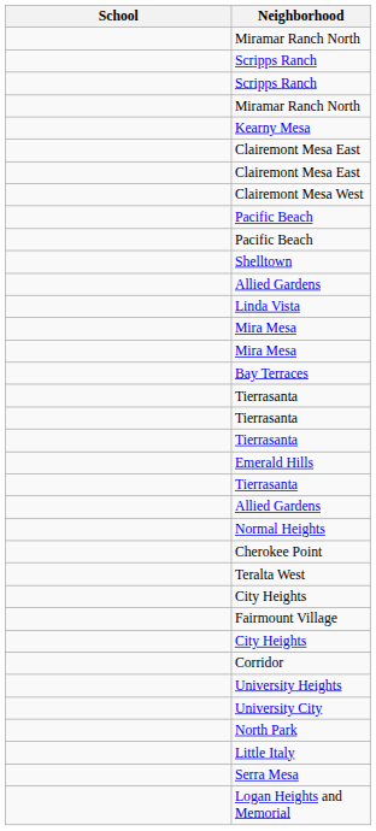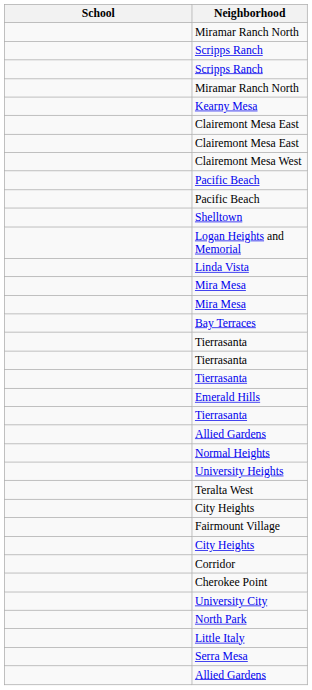 <table class="wikitable">
 <tr>
 <th width="250">School</th>
 <th width="150">Neighborhood</th>
 </tr>
 <tr>
 <td></td>
 <td>Miramar Ranch North</td>
 </tr>
 <tr>
 <td></td>
 <td><a href='#'>Scripps Ranch</a></td>
 </tr>
 <tr>
 <td></td>
 <td><a href='#'>Scripps Ranch</a></td>
 </tr>
 <tr>
 <td></td>
 <td>Miramar Ranch North</td>
 </tr>
 <tr>
 <td></td>
 <td><a href='#'>Kearny Mesa</a></td>
 </tr>
 <tr>
 <td></td>
 <td>Clairemont Mesa East</td>
 </tr>
 <tr>
 <td></td>
 <td>Clairemont Mesa East</td>
 </tr>
 <tr>
 <td></td>
 <td>Clairemont Mesa West</td>
 </tr>
 <tr>
 <td></td>
 <td><a href='#'>Pacific Beach</a></td>
 </tr>
 <tr>
 <td></td>
 <td>Pacific Beach</td>
 </tr>
 <tr>
 <td></td>
 <td><a href='#'>Shelltown</a></td>
 </tr>
 <tr>
 <td></td>
-<td><a href='#'>Allied Gardens</a></td>
+<td><a href='#'>Logan Heights</a> and <a href='#'>Memorial</a></td>
 </tr>
 <tr>
 <td></td>
 <td><a href='#'>Linda Vista</a></td>
 </tr>
 <tr>
 <td></td>
 <td><a href='#'>Mira Mesa</a></td>
 </tr>
 <tr>
 <td></td>
 <td><a href='#'>Mira Mesa</a></td>
 </tr>
 <tr>
 <td></td>
 <td><a href='#'>Bay Terraces</a></td>
 </tr>
 <tr>
 <td></td>
 <td>Tierrasanta</td>
 </tr>
 <tr>
 <td></td>
 <td>Tierrasanta</td>
 </tr>
 <tr>
 <td></td>
 <td><a href='#'>Tierrasanta</a></td>
 </tr>
 <tr>
 <td></td>
 <td><a href='#'>Emerald Hills</a></td>
 </tr>
 <tr>
 <td></td>
 <td><a href='#'>Tierrasanta</a></td>
 </tr>
 <tr>
 <td></td>
 <td><a href='#'>Allied Gardens</a></td>
 </tr>
 <tr>
 <td></td>
 <td><a href='#'>Normal Heights</a></td>
 </tr>
 <tr>
 <td></td>
-<td>Cherokee Point</td>
+<td><a href='#'>University Heights</a></td>
 </tr>
 <tr>
 <td></td>
 <td>Teralta West</td>
 </tr>
 <tr>
 <td></td>
 <td>City Heights</td>
 </tr>
 <tr>
 <td></td>
 <td>Fairmount Village</td>
 </tr>
 <tr>
 <td></td>
 <td><a href='#'>City Heights</a></td>
 </tr>
 <tr>
 <td></td>
 <td>Corridor</td>
 </tr>
 <tr>
 <td></td>
-<td><a href='#'>University Heights</a></td>
+<td>Cherokee Point</td>
 </tr>
 <tr>
 <td></td>
 <td><a href='#'>University City</a></td>
 </tr>
 <tr>
 <td></td>
 <td><a href='#'>North Park</a></td>
 </tr>
 <tr>
 <td></td>
 <td><a href='#'>Little Italy</a></td>
 </tr>
 <tr>
 <td></td>
 <td><a href='#'>Serra Mesa</a></td>
 </tr>
 <tr>
 <td></td>
-<td><a href='#'>Logan Heights</a> and <a href='#'>Memorial</a></td>
+<td><a href='#'>Allied Gardens</a></td>
 </tr>
 </table>
